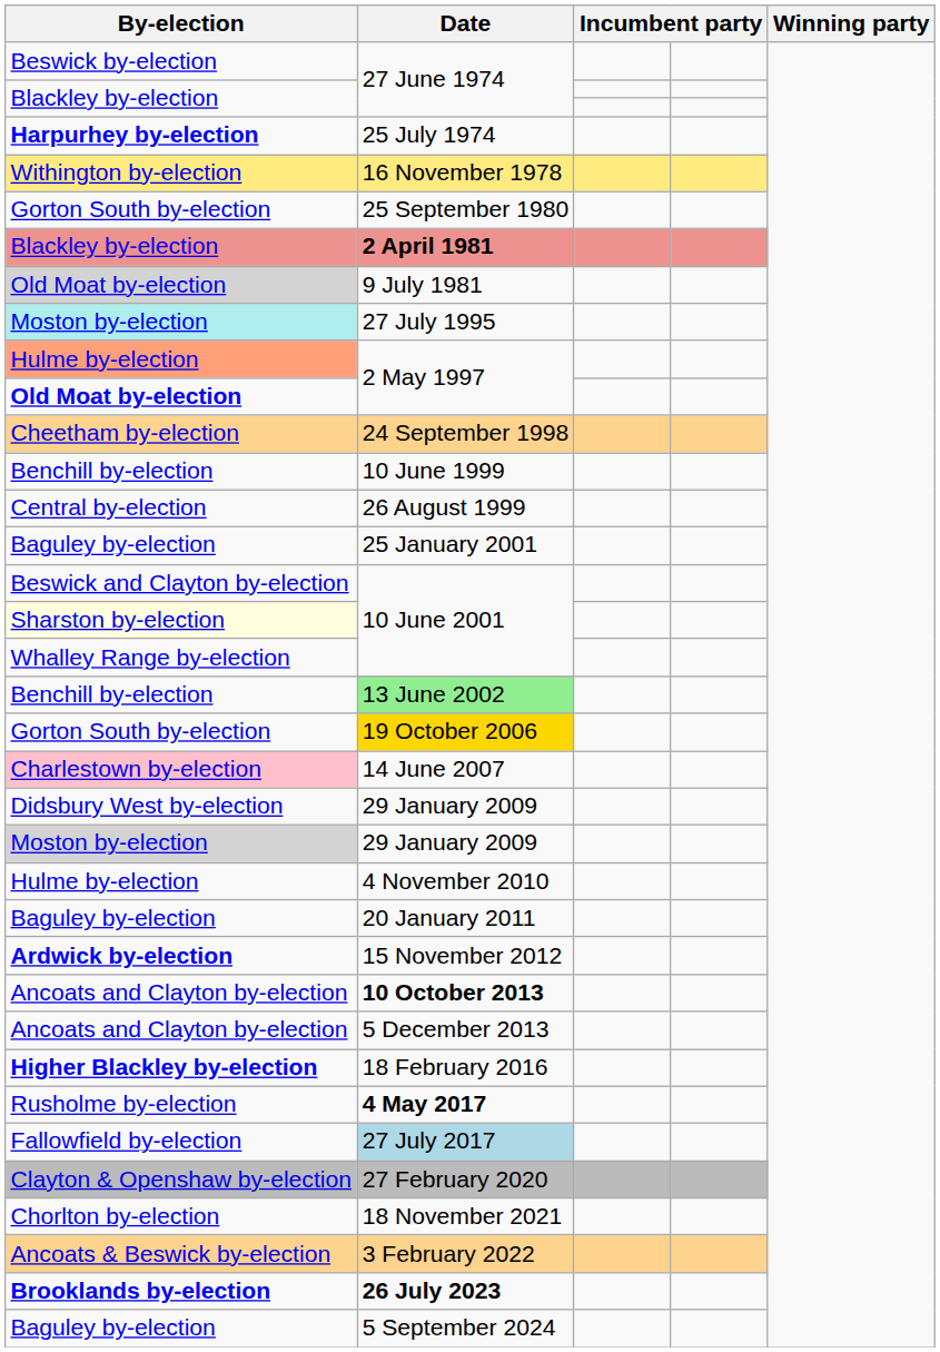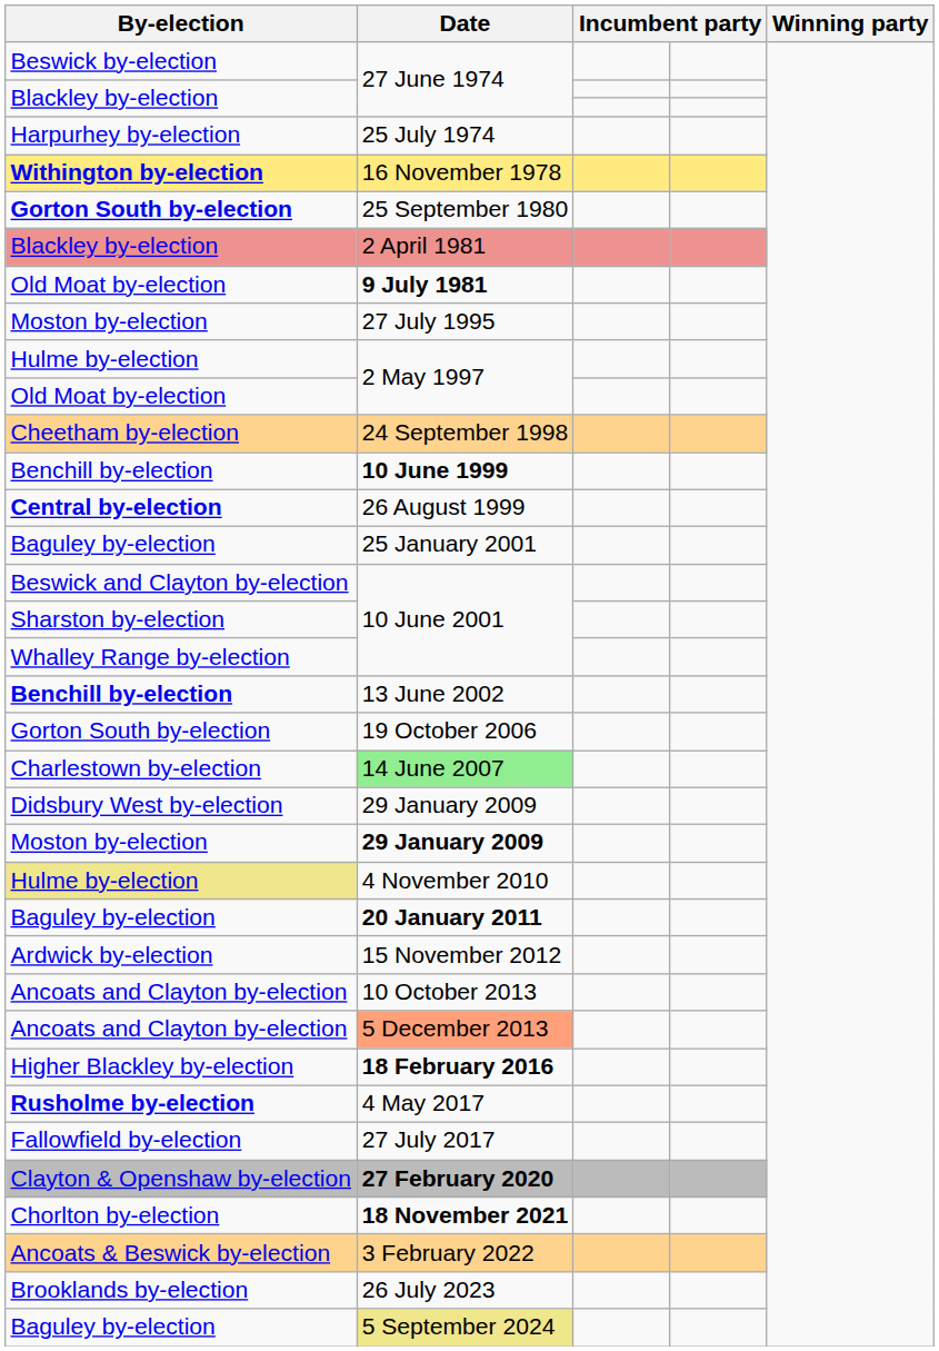 <table class="wikitable">
 <tr>
 <th>By-election</th>
 <th>Date</th>
 <th colspan=2>Incumbent party</th>
 <th colspan=2>Winning party</th>
 </tr>
 <tr>
 <td><a href='#'>Beswick by-election</a></td>
 <td rowspan="3">27 June 1974</td>
 <td></td>
 <td></td>
 </tr>
 <tr>
 <td rowspan="2"><a href='#'>Blackley by-election</a></td>
 <td></td>
 <td></td>
 </tr>
 <tr>
 <td></td>
 <td></td>
 </tr>
 <tr>
-<td><strong><a href='#'>Harpurhey by-election</a></strong></td>
+<td><a href='#'>Harpurhey by-election</a></td>
 <td>25 July 1974</td>
 <td></td>
 <td></td>
 </tr>
 <tr bgcolor=#FFEB80>
-<td><a href='#'>Withington by-election</a></td>
+<td><strong><a href='#'>Withington by-election</a></strong></td>
 <td>16 November 1978</td>
 <td></td>
 <td></td>
 </tr>
 <tr>
-<td><a href='#'>Gorton South by-election</a></td>
+<td><strong><a href='#'>Gorton South by-election</a></strong></td>
 <td>25 September 1980</td>
 <td></td>
 <td></td>
 </tr>
 <tr bgcolor=EE928F>
 <td><a href='#'>Blackley by-election</a></td>
-<td><strong>2 April 1981</strong></td>
+<td>2 April 1981</td>
 <td></td>
 <td></td>
 </tr>
 <tr>
-<td style="background: lightgrey;"><a href='#'>Old Moat by-election</a></td>
-<td>9 July 1981</td>
+<td><a href='#'>Old Moat by-election</a></td>
+<td><strong>9 July 1981</strong></td>
 <td></td>
 <td></td>
 </tr>
 <tr>
-<td style="background: paleturquoise;"><a href='#'>Moston by-election</a></td>
+<td><a href='#'>Moston by-election</a></td>
 <td>27 July 1995</td>
 <td></td>
 <td></td>
 </tr>
 <tr>
-<td style="background: lightsalmon;"><a href='#'>Hulme by-election</a></td>
+<td><a href='#'>Hulme by-election</a></td>
 <td rowspan="2">2 May 1997</td>
 <td></td>
 <td></td>
 </tr>
 <tr>
-<td><strong><a href='#'>Old Moat by-election</a></strong></td>
+<td><a href='#'>Old Moat by-election</a></td>
 <td></td>
 <td></td>
 </tr>
 <tr bgcolor=#FDD38D>
 <td><a href='#'>Cheetham by-election</a></td>
 <td>24 September 1998</td>
 <td></td>
 <td></td>
 </tr>
 <tr>
 <td><a href='#'>Benchill by-election</a></td>
-<td>10 June 1999</td>
+<td><strong>10 June 1999</strong></td>
 <td></td>
 <td></td>
 </tr>
 <tr>
-<td><a href='#'>Central by-election</a></td>
+<td><strong><a href='#'>Central by-election</a></strong></td>
 <td>26 August 1999</td>
 <td></td>
 <td></td>
 </tr>
 <tr>
 <td><a href='#'>Baguley by-election</a></td>
 <td>25 January 2001</td>
 <td></td>
 <td></td>
 </tr>
 <tr>
 <td><a href='#'>Beswick and Clayton by-election</a></td>
 <td rowspan="3">10 June 2001</td>
 <td></td>
 <td></td>
 </tr>
 <tr>
-<td style="background: lightyellow;"><a href='#'>Sharston by-election</a></td>
+<td><a href='#'>Sharston by-election</a></td>
 <td></td>
 <td></td>
 </tr>
 <tr>
 <td><a href='#'>Whalley Range by-election</a></td>
 <td></td>
 <td></td>
 </tr>
 <tr>
-<td><a href='#'>Benchill by-election</a></td>
-<td style="background: lightgreen;">13 June 2002</td>
+<td><strong><a href='#'>Benchill by-election</a></strong></td>
+<td>13 June 2002</td>
 <td></td>
 <td></td>
 </tr>
 <tr>
 <td><a href='#'>Gorton South by-election</a></td>
-<td style="background: gold;">19 October 2006</td>
+<td>19 October 2006</td>
 <td></td>
 <td></td>
 </tr>
 <tr>
-<td style="background: pink;"><a href='#'>Charlestown by-election</a></td>
-<td>14 June 2007</td>
+<td><a href='#'>Charlestown by-election</a></td>
+<td style="background: lightgreen;">14 June 2007</td>
 <td></td>
 <td></td>
 </tr>
 <tr>
 <td><a href='#'>Didsbury West by-election</a></td>
 <td>29 January 2009</td>
 <td></td>
 <td></td>
 </tr>
 <tr>
-<td style="background: lightgrey;"><a href='#'>Moston by-election</a></td>
-<td>29 January 2009</td>
+<td><a href='#'>Moston by-election</a></td>
+<td><strong>29 January 2009</strong></td>
 <td></td>
 <td></td>
 </tr>
 <tr>
-<td><a href='#'>Hulme by-election</a></td>
+<td style="background: khaki;"><a href='#'>Hulme by-election</a></td>
 <td>4 November 2010</td>
 <td></td>
 <td></td>
 </tr>
 <tr>
 <td><a href='#'>Baguley by-election</a></td>
-<td>20 January 2011</td>
+<td><strong>20 January 2011</strong></td>
 <td></td>
 <td></td>
 </tr>
 <tr>
-<td><strong><a href='#'>Ardwick by-election</a></strong></td>
+<td><a href='#'>Ardwick by-election</a></td>
 <td>15 November 2012</td>
 <td></td>
 <td></td>
 </tr>
 <tr>
 <td><a href='#'>Ancoats and Clayton by-election</a></td>
-<td><strong>10 October 2013</strong></td>
+<td>10 October 2013</td>
 <td></td>
 <td></td>
 </tr>
 <tr>
 <td><a href='#'>Ancoats and Clayton by-election</a></td>
-<td>5 December 2013</td>
+<td style="background: lightsalmon;">5 December 2013</td>
 <td></td>
 <td></td>
 </tr>
 <tr>
-<td><strong><a href='#'>Higher Blackley by-election</a></strong></td>
-<td>18 February 2016</td>
+<td><a href='#'>Higher Blackley by-election</a></td>
+<td><strong>18 February 2016</strong></td>
 <td></td>
 <td></td>
 </tr>
 <tr>
-<td><a href='#'>Rusholme by-election</a></td>
-<td><strong>4 May 2017</strong></td>
+<td><strong><a href='#'>Rusholme by-election</a></strong></td>
+<td>4 May 2017</td>
 <td></td>
 <td></td>
 </tr>
 <tr>
 <td><a href='#'>Fallowfield by-election</a></td>
-<td style="background: lightblue;">27 July 2017</td>
+<td>27 July 2017</td>
 <td></td>
 <td></td>
 </tr>
 <tr bgcolor=#BBBBBB>
 <td><a href='#'>Clayton & Openshaw by-election</a></td>
-<td>27 February 2020</td>
+<td><strong>27 February 2020</strong></td>
 <td></td>
 <td></td>
 </tr>
 <tr>
 <td><a href='#'>Chorlton by-election</a></td>
-<td>18 November 2021</td>
+<td><strong>18 November 2021</strong></td>
 <td></td>
 <td></td>
 </tr>
 <tr bgcolor=#FDD38D>
 <td><a href='#'>Ancoats & Beswick by-election</a></td>
 <td>3 February 2022</td>
 <td></td>
 <td></td>
 </tr>
 <tr>
-<td><strong><a href='#'>Brooklands by-election</a></strong></td>
-<td><strong>26 July 2023</strong></td>
+<td><a href='#'>Brooklands by-election</a></td>
+<td>26 July 2023</td>
 <td></td>
 <td></td>
 </tr>
 <tr>
 <td><a href='#'>Baguley by-election</a></td>
-<td>5 September 2024</td>
+<td style="background: khaki;">5 September 2024</td>
 <td></td>
 <td></td>
 </tr>
 </table>
